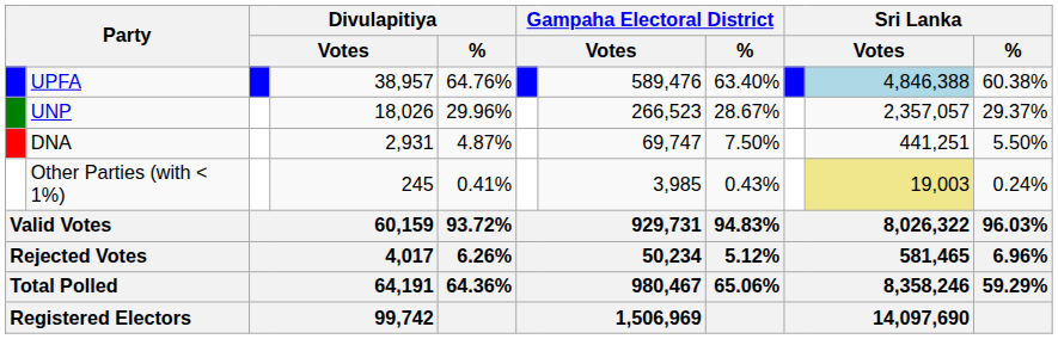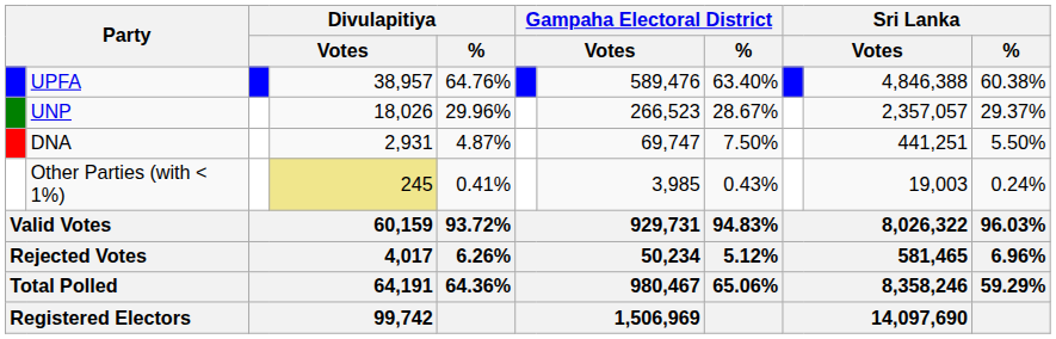 <table class="wikitable">
 <tr>
 <th colspan="2" width="144px"rowspan="2">Party</th>
 <th colspan="3" width="216px">Divulapitiya</th>
 <th colspan="3" width="216px"><a href='#'>Gampaha Electoral District</a></th>
 <th colspan="3" width="216px">Sri Lanka</th>
 </tr>
 <tr>
 <th colspan="2" width="144px">Votes</th>
 <th>%</th>
 <th colspan="2" width="144px">Votes</th>
 <th>%</th>
 <th colspan="2" width="144px">Votes</th>
 <th>%</th>
 </tr>
 <tr>
 <td style="background-color:blue;" width="10px"></td>
 <td style="text-align:left;"><a href='#'>UPFA</a></td>
 <td style="background-color:blue;" width="10px"></td>
 <td style="text-align:right;">38,957</td>
 <td style="text-align:right;">64.76%</td>
 <td style="background-color:blue;" width="10px"></td>
 <td style="text-align:right;">589,476</td>
 <td style="text-align:right;">63.40%</td>
 <td style="background-color:blue;" width="10px"></td>
-<td style="background: lightblue; text-align:right;">4,846,388</td>
+<td style="text-align:right;">4,846,388</td>
 <td style="text-align:right;">60.38%</td>
 </tr>
 <tr>
 <td style="background-color:green;" width="10px"></td>
 <td style="text-align:left;"><a href='#'>UNP</a></td>
 <td style="background-color:white;" width="10px"></td>
 <td style="text-align:right;">18,026</td>
 <td style="text-align:right;">29.96%</td>
 <td style="background-color:white;" width="10px"></td>
 <td style="text-align:right;">266,523</td>
 <td style="text-align:right;">28.67%</td>
 <td style="background-color:white;" width="10px"></td>
 <td style="text-align:right;">2,357,057</td>
 <td style="text-align:right;">29.37%</td>
 </tr>
 <tr>
 <td style="background-color:red;" width="10px"></td>
 <td style="text-align:left;">DNA</td>
 <td style="background-color:white;" width="10px"></td>
 <td style="text-align:right;">2,931</td>
 <td style="text-align:right;">4.87%</td>
 <td style="background-color:white;" width="10px"></td>
 <td style="text-align:right;">69,747</td>
 <td style="text-align:right;">7.50%</td>
 <td style="background-color:white;" width="10px"></td>
 <td style="text-align:right;">441,251</td>
 <td style="text-align:right;">5.50%</td>
 </tr>
 <tr>
 <td style="background-color:white;" width="10px"></td>
 <td style="text-align:left;">Other Parties (with < 1%)</td>
 <td style="background-color:white;" width="10px"></td>
-<td style="text-align:right;">245</td>
+<td style="background: khaki; text-align:right;">245</td>
 <td style="text-align:right;">0.41%</td>
 <td style="background-color:white;" width="10px"></td>
 <td style="text-align:right;">3,985</td>
 <td style="text-align:right;">0.43%</td>
 <td style="background-color:white;" width="10px"></td>
-<td style="background: khaki; text-align:right;">19,003</td>
+<td style="text-align:right;">19,003</td>
 <td style="text-align:right;">0.24%</td>
 </tr>
 <tr>
 <th colspan="2" width="144px"style="text-align:left;">Valid Votes</th>
 <th style="text-align:right;"colspan="2" width="144px">60,159</th>
 <th style="text-align:right;">93.72%</th>
 <th style="text-align:right;"colspan="2" width="144px">929,731</th>
 <th style="text-align:right;">94.83%</th>
 <th style="text-align:right;"colspan="2" width="144px">8,026,322</th>
 <th style="text-align:right;">96.03%</th>
 </tr>
 <tr>
 <th colspan="2" width="144px"style="text-align:left;">Rejected Votes</th>
 <th style="text-align:right;"colspan="2" width="144px">4,017</th>
 <th style="text-align:right;">6.26%</th>
 <th style="text-align:right;"colspan="2" width="144px">50,234</th>
 <th style="text-align:right;">5.12%</th>
 <th style="text-align:right;"colspan="2" width="144px">581,465</th>
 <th style="text-align:right;">6.96%</th>
 </tr>
 <tr>
 <th colspan="2" width="144px"style="text-align:left;">Total Polled</th>
 <th style="text-align:right;"colspan="2" width="144px">64,191</th>
 <th style="text-align:right;">64.36%</th>
 <th style="text-align:right;"colspan="2" width="144px">980,467</th>
 <th style="text-align:right;">65.06%</th>
 <th style="text-align:right;"colspan="2" width="144px">8,358,246</th>
 <th style="text-align:right;">59.29%</th>
 </tr>
 <tr>
 <th colspan="2" width="144px"style="text-align:left;">Registered Electors</th>
 <th style="text-align:right;"colspan="2" width="144px">99,742</th>
 <th></th>
 <th style="text-align:right;"colspan="2" width="144px">1,506,969</th>
 <th></th>
 <th style="text-align:right;"colspan="2" width="144px">14,097,690</th>
 <th></th>
 </tr>
 </table>
